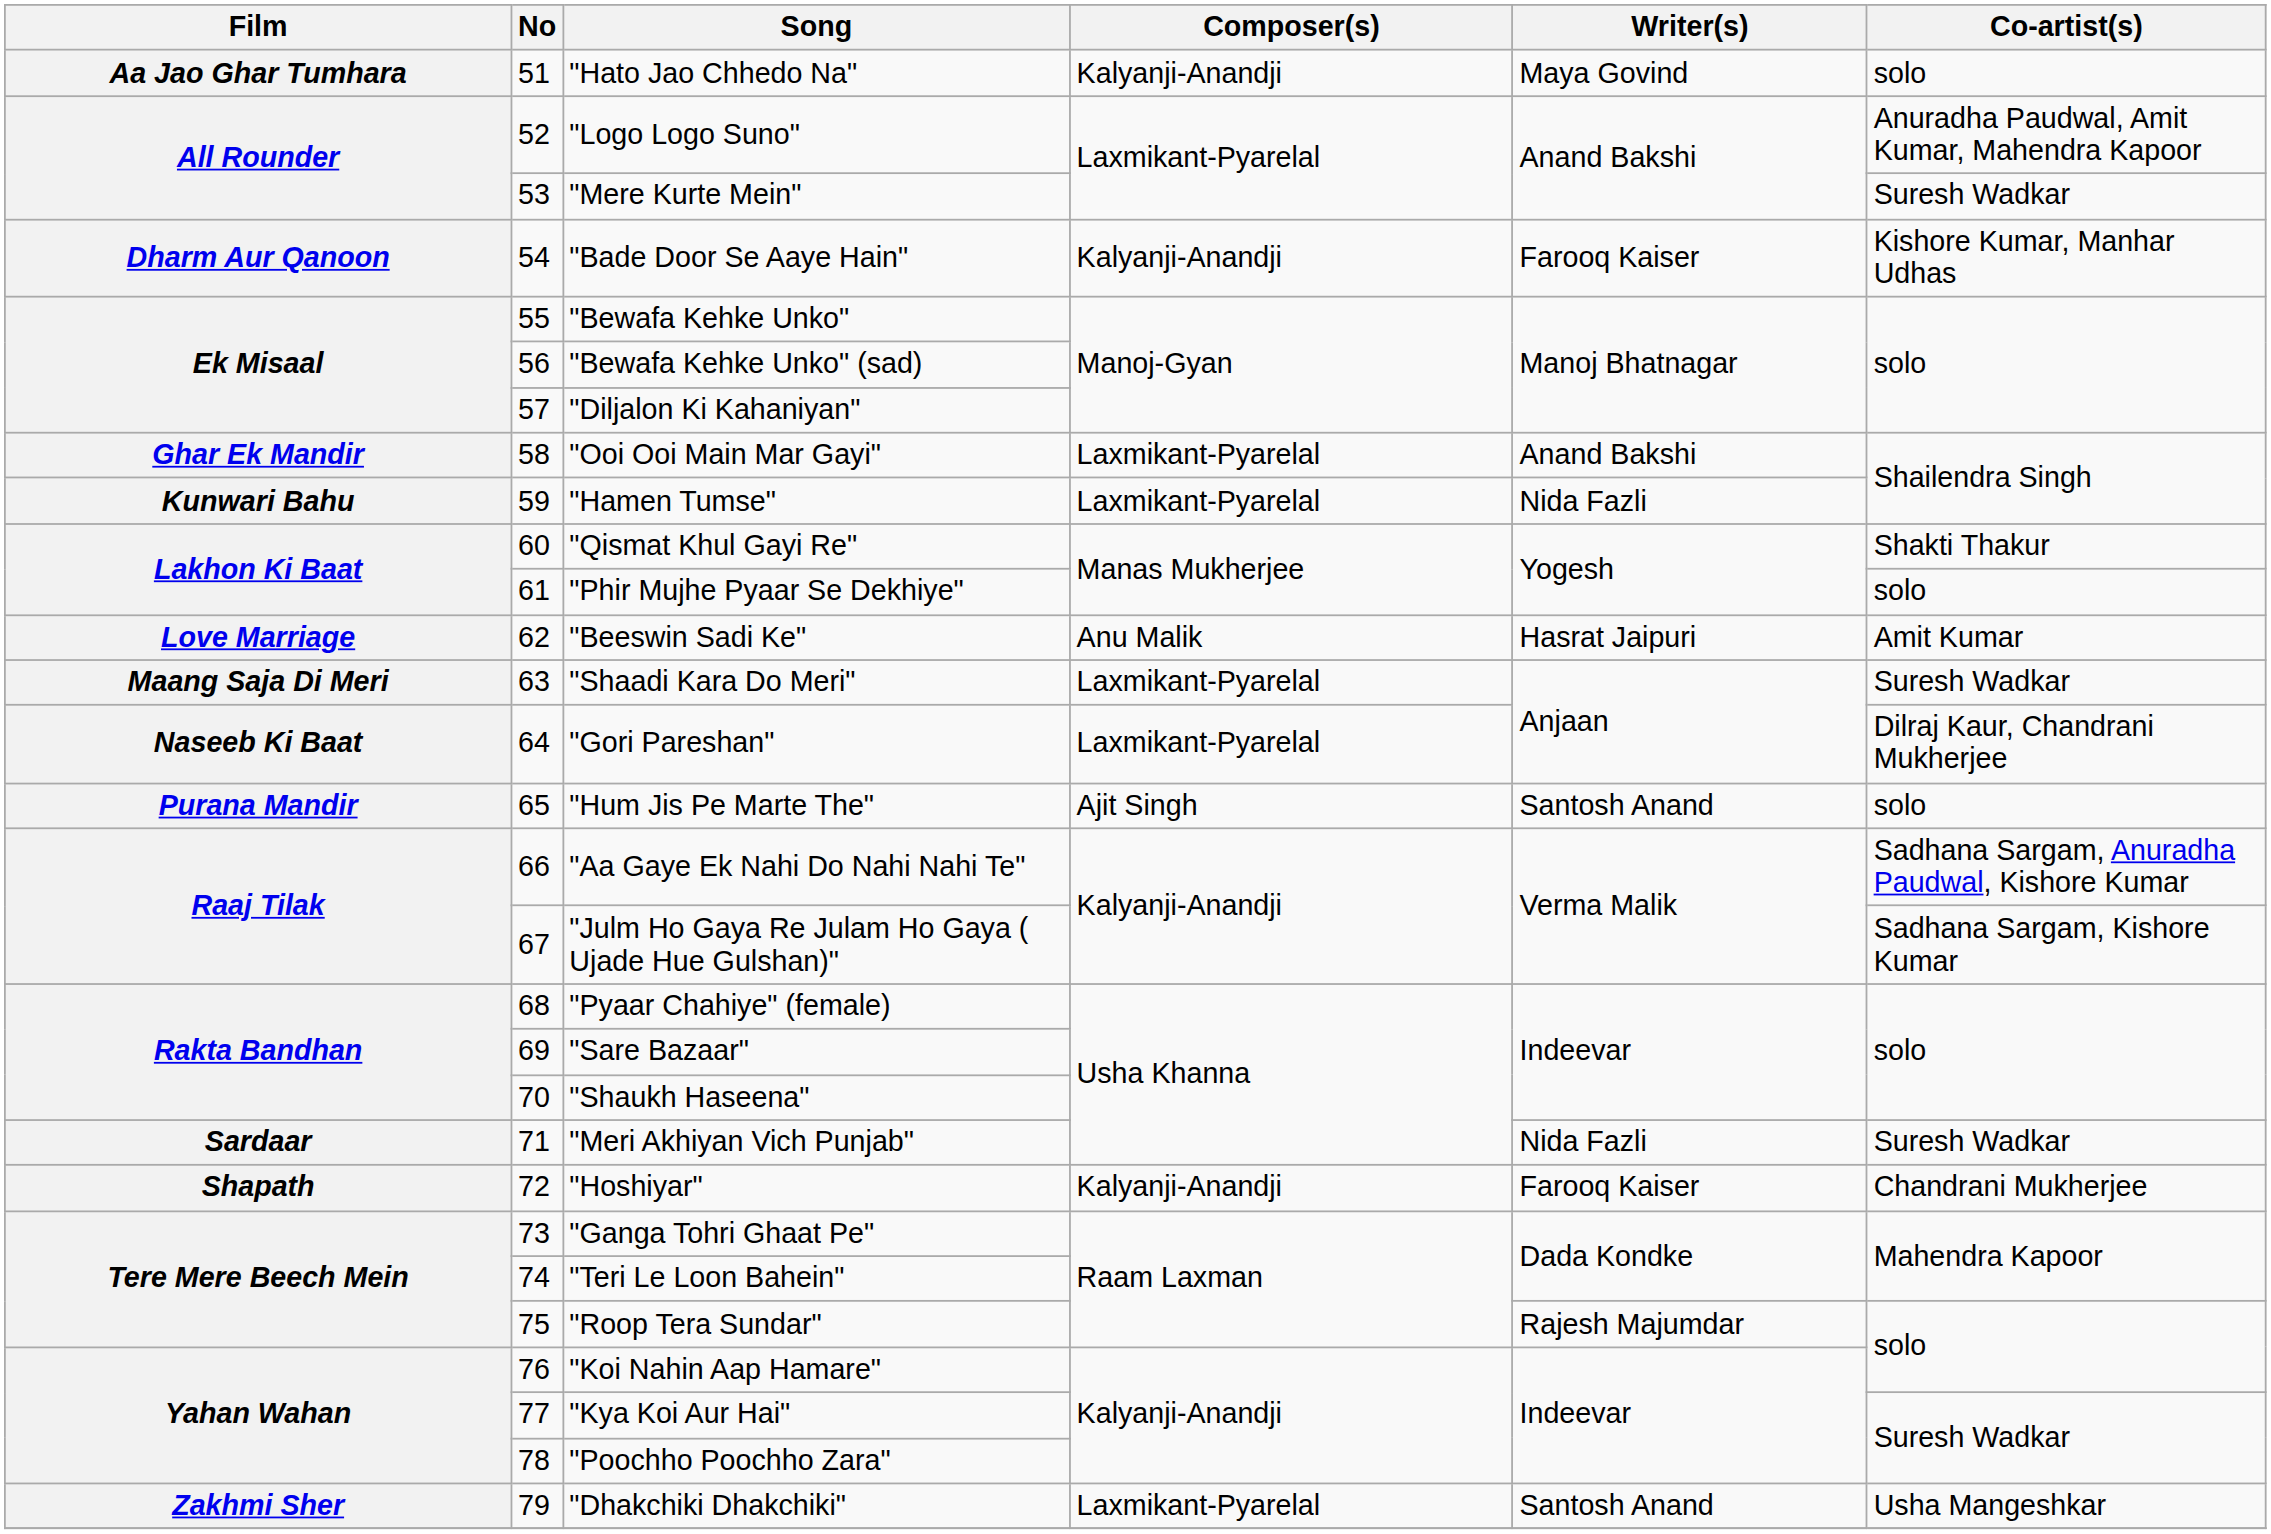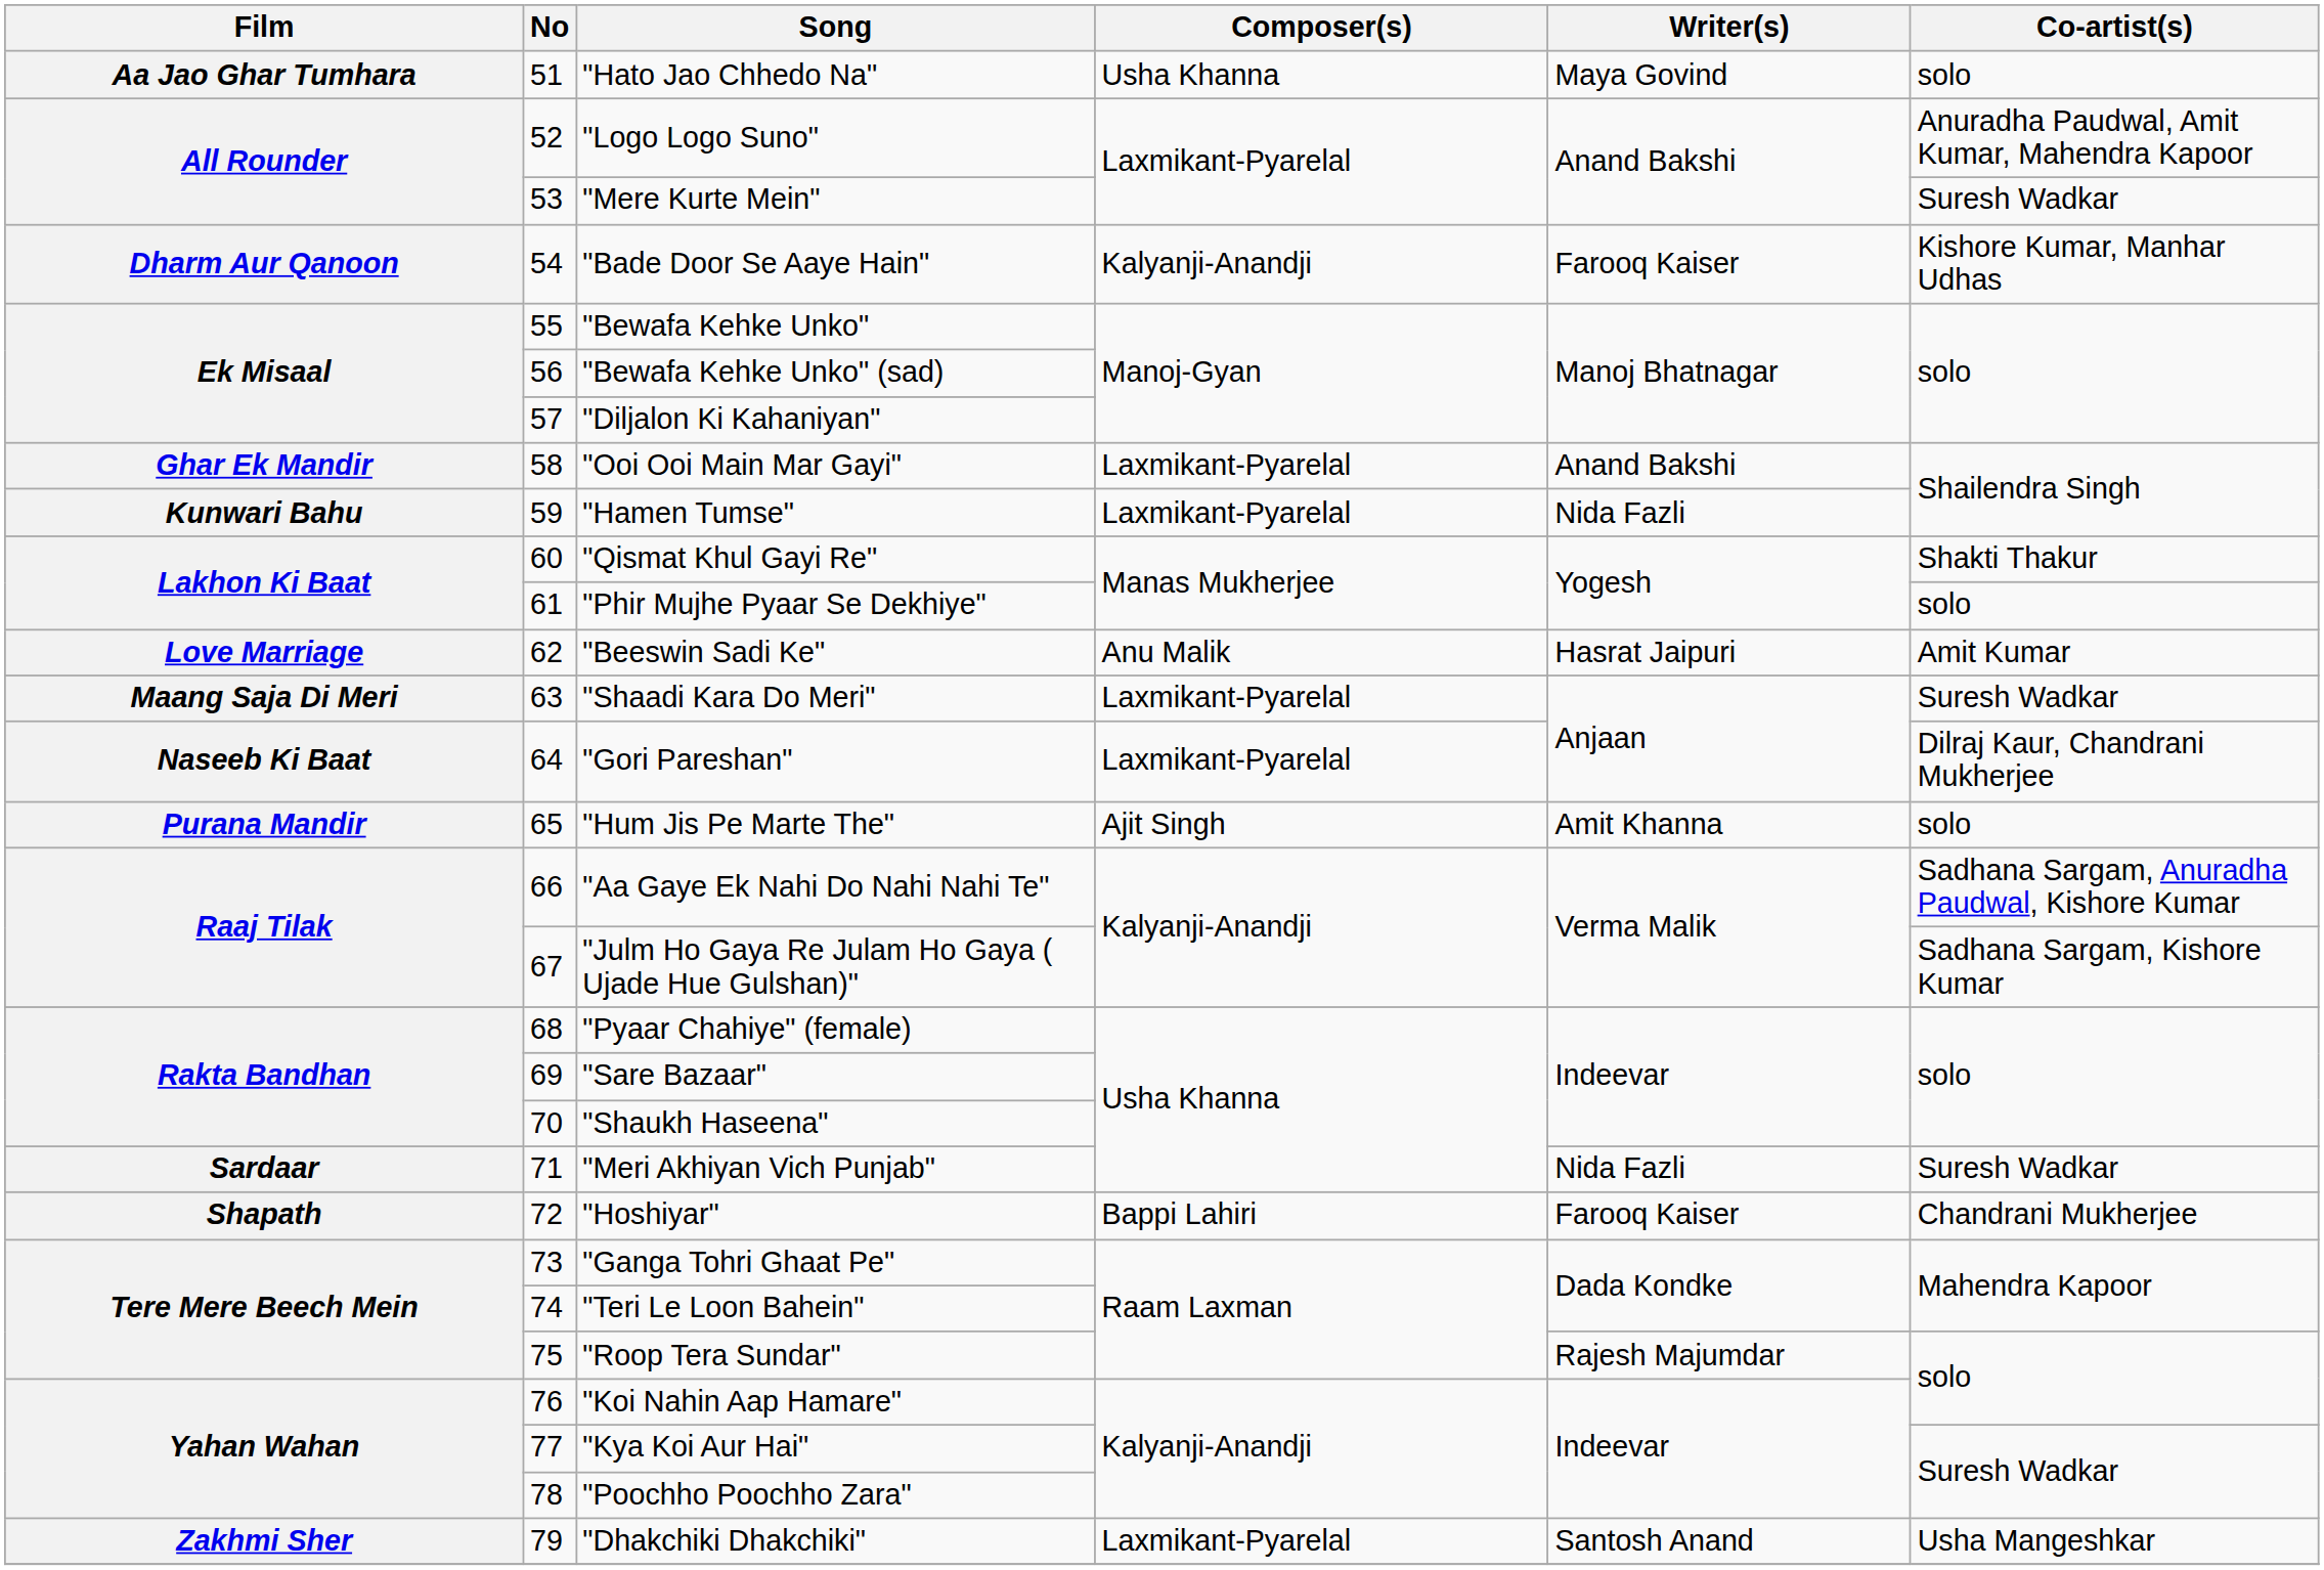 <table class="wikitable plainrowheaders" width="100%" textcolor:#000;">
 <tr style="background:#b0e0e66;">
 <th scope="col" width=23%><strong>Film</strong></th>
 <th><strong>No</strong></th>
 <th scope="col" width=23%><strong>Song</strong></th>
 <th scope="col" width=20%><strong>Composer(s)</strong></th>
 <th scope="col" width=16%><strong>Writer(s)</strong></th>
 <th scope="col" width=18%><strong>Co-artist(s)</strong></th>
 </tr>
 <tr>
 <th><em>Aa Jao Ghar Tumhara</em></th>
 <td>51</td>
 <td>"Hato Jao Chhedo Na"</td>
-<td>Kalyanji-Anandji</td>
+<td>Usha Khanna</td>
 <td>Maya Govind</td>
 <td>solo</td>
 </tr>
 <tr>
 <th rowspan=2><em><a href='#'>All Rounder</a></em></th>
 <td>52</td>
 <td>"Logo Logo Suno"</td>
 <td rowspan=2>Laxmikant-Pyarelal</td>
 <td rowspan=2>Anand Bakshi</td>
 <td>Anuradha Paudwal, Amit Kumar, Mahendra Kapoor</td>
 </tr>
 <tr>
 <td>53</td>
 <td>"Mere Kurte Mein"</td>
 <td>Suresh Wadkar</td>
 </tr>
 <tr>
 <th><em><a href='#'>Dharm Aur Qanoon</a></em></th>
 <td>54</td>
 <td>"Bade Door Se Aaye Hain"</td>
 <td>Kalyanji-Anandji</td>
 <td>Farooq Kaiser</td>
 <td>Kishore Kumar, Manhar Udhas</td>
 </tr>
 <tr>
 <th rowspan=3><em>Ek Misaal</em></th>
 <td>55</td>
 <td>"Bewafa Kehke Unko"</td>
 <td rowspan=3>Manoj-Gyan</td>
 <td rowspan=3>Manoj Bhatnagar</td>
 <td rowspan=3>solo</td>
 </tr>
 <tr>
 <td>56</td>
 <td>"Bewafa Kehke Unko" (sad)</td>
 </tr>
 <tr>
 <td>57</td>
 <td>"Diljalon Ki Kahaniyan"</td>
 </tr>
 <tr>
 <th><em><a href='#'>Ghar Ek Mandir</a></em></th>
 <td>58</td>
 <td>"Ooi Ooi Main Mar Gayi"</td>
 <td>Laxmikant-Pyarelal</td>
 <td>Anand Bakshi</td>
 <td rowspan=2>Shailendra Singh</td>
 </tr>
 <tr>
 <th><em>Kunwari Bahu</em></th>
 <td>59</td>
 <td>"Hamen Tumse"</td>
 <td>Laxmikant-Pyarelal</td>
 <td>Nida Fazli</td>
 </tr>
 <tr>
 <th rowspan=2><em><a href='#'>Lakhon Ki Baat</a></em></th>
 <td>60</td>
 <td>"Qismat Khul Gayi Re"</td>
 <td rowspan=2>Manas Mukherjee</td>
 <td rowspan=2>Yogesh</td>
 <td>Shakti Thakur</td>
 </tr>
 <tr>
 <td>61</td>
 <td>"Phir Mujhe Pyaar Se Dekhiye"</td>
 <td>solo</td>
 </tr>
 <tr>
 <th><em><a href='#'>Love Marriage</a></em></th>
 <td>62</td>
 <td>"Beeswin Sadi Ke"</td>
 <td>Anu Malik</td>
 <td>Hasrat Jaipuri</td>
 <td>Amit Kumar</td>
 </tr>
 <tr>
 <th><em>Maang Saja Di Meri</em></th>
 <td>63</td>
 <td>"Shaadi Kara Do Meri"</td>
 <td>Laxmikant-Pyarelal</td>
 <td rowspan=2>Anjaan</td>
 <td>Suresh Wadkar</td>
 </tr>
 <tr>
 <th><em>Naseeb Ki Baat</em></th>
 <td>64</td>
 <td>"Gori Pareshan"</td>
 <td>Laxmikant-Pyarelal</td>
 <td>Dilraj Kaur, Chandrani Mukherjee</td>
 </tr>
 <tr>
 <th><em><a href='#'>Purana Mandir</a></em></th>
 <td>65</td>
 <td>"Hum Jis Pe Marte The"</td>
 <td>Ajit Singh</td>
-<td>Santosh Anand</td>
+<td>Amit Khanna</td>
 <td>solo</td>
 </tr>
 <tr>
 <th Rowspan="2"><em><a href='#'>Raaj Tilak</a></em></th>
 <td>66</td>
 <td>"Aa Gaye Ek Nahi Do Nahi Nahi Te"</td>
 <td rowspan="2">Kalyanji-Anandji</td>
 <td Rowspan="2">Verma Malik</td>
 <td>Sadhana Sargam, <a href='#'>Anuradha Paudwal</a>, Kishore Kumar</td>
 </tr>
 <tr>
 <td>67</td>
 <td>"Julm Ho Gaya Re Julam Ho Gaya ( Ujade Hue Gulshan)"</td>
 <td>Sadhana Sargam, Kishore Kumar</td>
 </tr>
 <tr>
 <th rowspan=3><em><a href='#'>Rakta Bandhan</a></em></th>
 <td>68</td>
 <td>"Pyaar Chahiye" (female)</td>
 <td rowspan=4>Usha Khanna</td>
 <td rowspan=3>Indeevar</td>
 <td rowspan=3>solo</td>
 </tr>
 <tr>
 <td>69</td>
 <td>"Sare Bazaar"</td>
 </tr>
 <tr>
 <td>70</td>
 <td>"Shaukh Haseena"</td>
 </tr>
 <tr>
 <th><em>Sardaar</em></th>
 <td>71</td>
 <td>"Meri Akhiyan Vich Punjab"</td>
 <td>Nida Fazli</td>
 <td>Suresh Wadkar</td>
 </tr>
 <tr>
 <th><em>Shapath</em></th>
 <td>72</td>
 <td>"Hoshiyar"</td>
-<td>Kalyanji-Anandji</td>
+<td>Bappi Lahiri</td>
 <td>Farooq Kaiser</td>
 <td>Chandrani Mukherjee</td>
 </tr>
 <tr>
 <th rowspan=3><em>Tere Mere Beech Mein</em></th>
 <td>73</td>
 <td>"Ganga Tohri Ghaat Pe"</td>
 <td rowspan=3>Raam Laxman</td>
 <td rowspan=2>Dada Kondke</td>
 <td rowspan=2>Mahendra Kapoor</td>
 </tr>
 <tr>
 <td>74</td>
 <td>"Teri Le Loon Bahein"</td>
 </tr>
 <tr>
 <td>75</td>
 <td>"Roop Tera Sundar"</td>
 <td>Rajesh Majumdar</td>
 <td rowspan=2>solo</td>
 </tr>
 <tr>
 <th rowspan=3><em>Yahan Wahan</em></th>
 <td>76</td>
 <td>"Koi Nahin Aap Hamare"</td>
 <td rowspan=3>Kalyanji-Anandji</td>
 <td rowspan=3>Indeevar</td>
 </tr>
 <tr>
 <td>77</td>
 <td>"Kya Koi Aur Hai"</td>
 <td rowspan=2>Suresh Wadkar</td>
 </tr>
 <tr>
 <td>78</td>
 <td>"Poochho Poochho Zara"</td>
 </tr>
 <tr>
 <th><em><a href='#'>Zakhmi Sher</a></em></th>
 <td>79</td>
 <td>"Dhakchiki Dhakchiki"</td>
 <td>Laxmikant-Pyarelal</td>
 <td>Santosh Anand</td>
 <td>Usha Mangeshkar</td>
 </tr>
 <tr>
 </tr>
 </table>
